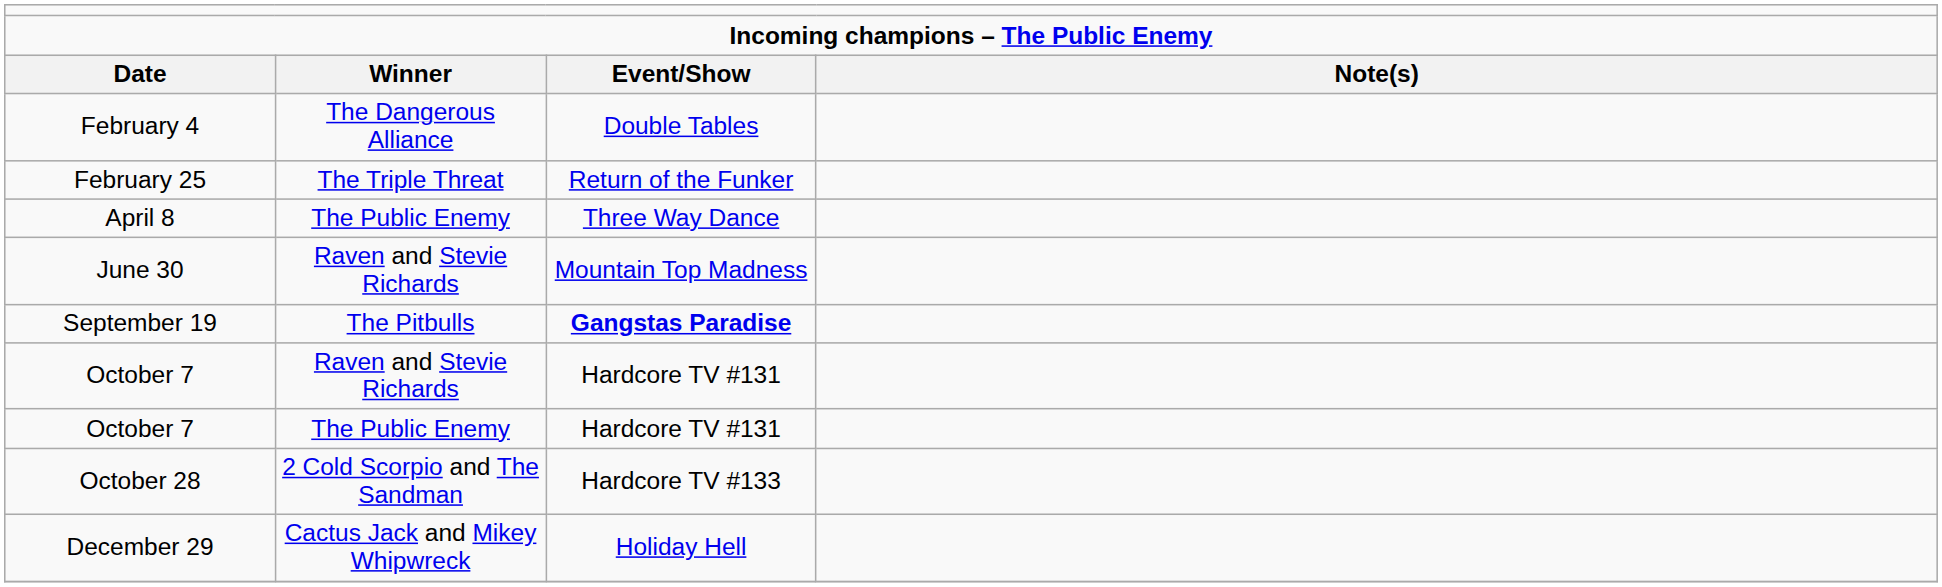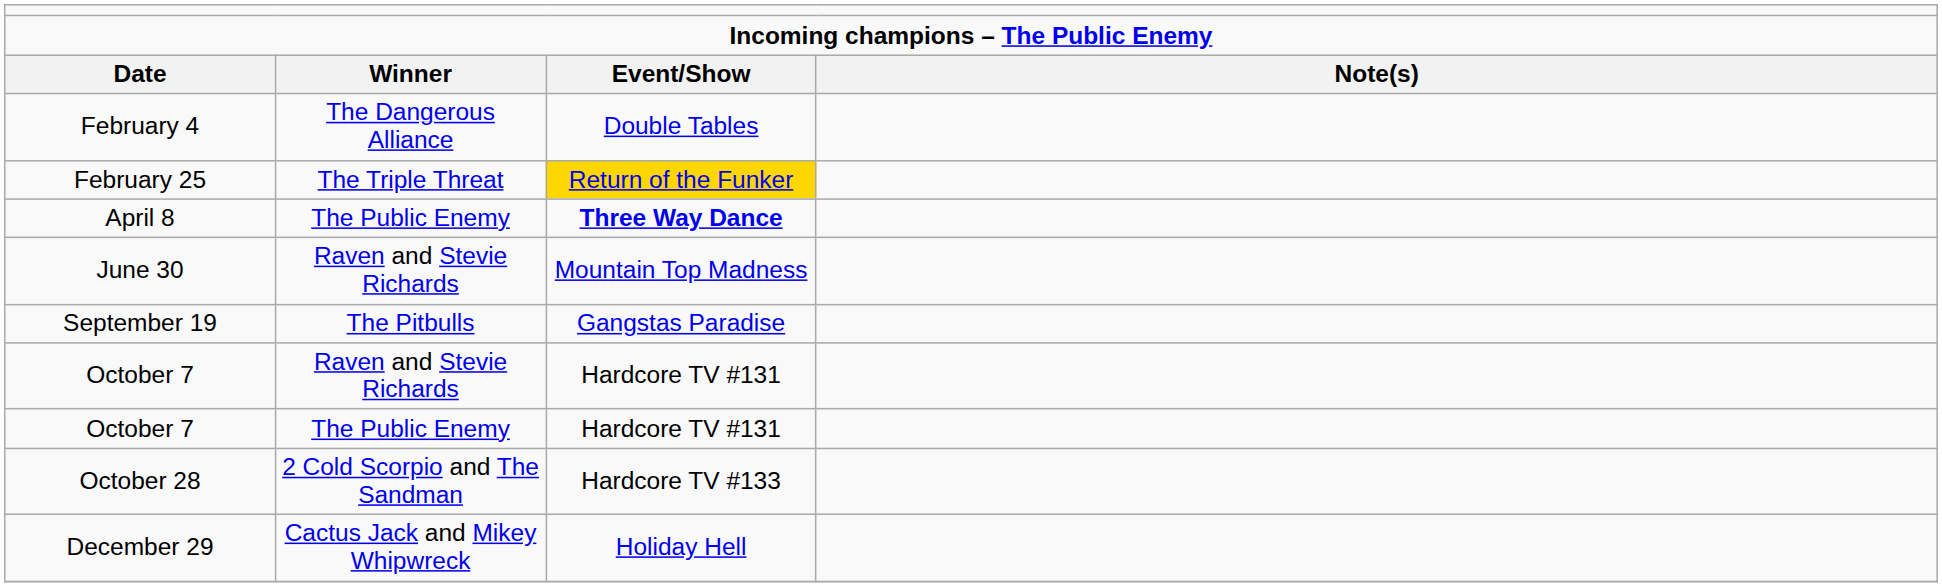 <table class="wikitable" style="text-align:center; width:100%;">
 <tr>
 <td colspan="5"></td>
 </tr>
 <tr>
 <td colspan="5"><strong>Incoming champions – <a href='#'>The Public Enemy</a> </strong></td>
 </tr>
 <tr>
 <th width=14%>Date</th>
 <th width=14%>Winner</th>
 <th width=14%>Event/Show</th>
 <th width=58%>Note(s)</th>
 </tr>
 <tr>
 <td>February 4</td>
 <td><a href='#'>The Dangerous Alliance</a><br></td>
 <td><a href='#'>Double Tables</a></td>
 <td align=left></td>
 </tr>
 <tr>
 <td>February 25</td>
 <td><a href='#'>The Triple Threat</a><br></td>
-<td><a href='#'>Return of the Funker</a></td>
+<td style="background: gold;"><a href='#'>Return of the Funker</a></td>
 <td align=left></td>
 </tr>
 <tr>
 <td>April 8</td>
 <td><a href='#'>The Public Enemy</a><br></td>
-<td><a href='#'>Three Way Dance</a></td>
+<td><strong><a href='#'>Three Way Dance</a></strong></td>
 <td align=left></td>
 </tr>
 <tr>
 <td>June 30</td>
 <td><a href='#'>Raven</a> and <a href='#'>Stevie Richards</a></td>
 <td><a href='#'>Mountain Top Madness</a></td>
 <td align=left></td>
 </tr>
 <tr>
 <td>September 19</td>
 <td><a href='#'>The Pitbulls</a><br></td>
-<td><strong><a href='#'>Gangstas Paradise</a></strong></td>
+<td><a href='#'>Gangstas Paradise</a></td>
 <td align=left></td>
 </tr>
 <tr>
 <td>October 7</td>
 <td><a href='#'>Raven</a> and <a href='#'>Stevie Richards</a></td>
 <td>Hardcore TV #131</td>
 <td align=left></td>
 </tr>
 <tr>
 <td>October 7</td>
 <td><a href='#'>The Public Enemy</a><br></td>
 <td>Hardcore TV #131</td>
 <td align=left></td>
 </tr>
 <tr>
 <td>October 28</td>
 <td><a href='#'>2 Cold Scorpio</a> and <a href='#'>The Sandman</a></td>
 <td>Hardcore TV #133</td>
 <td align=left></td>
 </tr>
 <tr>
 <td>December 29</td>
 <td><a href='#'>Cactus Jack</a> and <a href='#'>Mikey Whipwreck</a></td>
 <td><a href='#'>Holiday Hell</a></td>
 <td align=left></td>
 </tr>
 <tr>
 </tr>
 </table>
